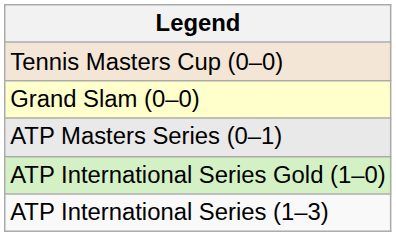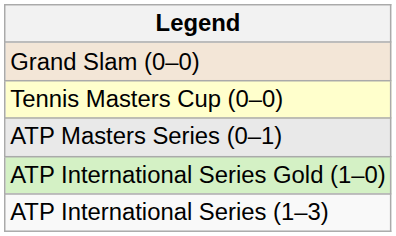 <table class="wikitable sortable mw-collapsible mw-collapsed">
 <tr>
 <th>Legend</th>
 </tr>
 <tr style="background:#f3e6d7;">
-<td>Tennis Masters Cup  (0–0)</td>
+<td>Grand Slam (0–0)</td>
 </tr>
 <tr style="background:#ffffcc;">
-<td>Grand Slam (0–0)</td>
+<td>Tennis Masters Cup  (0–0)</td>
 </tr>
 <tr style="background:#e9e9e9;">
 <td>ATP Masters Series (0–1)</td>
 </tr>
 <tr style="background:#d4f1c5;">
 <td>ATP International Series Gold (1–0)</td>
 </tr>
 <tr>
 <td>ATP International Series (1–3)</td>
 </tr>
 </table>
